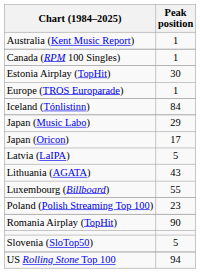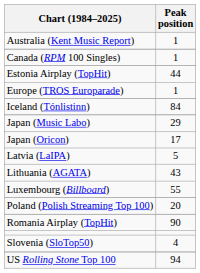 <table class="wikitable sortable">
 <tr>
 <th>Chart (1984–2025)</th>
 <th>Peak<br>position</th>
 </tr>
 <tr>
 <td>Australia (<a href='#'>Kent Music Report</a>)</td>
 <td style="text-align:center;">1</td>
 </tr>
 <tr>
 </tr>
 <tr>
 </tr>
 <tr>
 <td align="left">Canada (<a href='#'><em>RPM</em></a> 100 Singles)</td>
 <td style="text-align:center;">1</td>
 </tr>
 <tr>
 </tr>
 <tr>
 <td>Estonia Airplay (<a href='#'>TopHit</a>)</td>
-<td align="center">30</td>
+<td align="center">44</td>
 </tr>
 <tr>
 <td>Europe (<a href='#'>TROS Europarade</a>)</td>
 <td style="text-align:center;">1</td>
 </tr>
 <tr>
 </tr>
 <tr>
 </tr>
 <tr>
 </tr>
 <tr>
 </tr>
 <tr>
 <td>Iceland (<a href='#'>Tónlistinn</a>)</td>
 <td style="text-align:center;">84</td>
 </tr>
 <tr>
 </tr>
 <tr>
 <td>Japan (<a href='#'>Music Labo</a>)</td>
 <td style="text-align:center;">29</td>
 </tr>
 <tr>
 <td>Japan (<a href='#'>Oricon</a>)</td>
 <td style="text-align:center;">17</td>
 </tr>
 <tr>
 <td>Latvia (<a href='#'>LaIPA</a>)</td>
 <td align=center>5</td>
 </tr>
 <tr>
 <td>Lithuania (<a href='#'>AGATA</a>)</td>
 <td align=center>43</td>
 </tr>
 <tr>
 <td>Luxembourg (<em><a href='#'>Billboard</a></em>)</td>
 <td align=center>55</td>
 </tr>
 <tr>
 </tr>
 <tr>
 </tr>
 <tr>
 </tr>
 <tr>
 </tr>
 <tr>
 </tr>
 <tr>
 <td scope="row">Poland (<a href='#'>Polish Streaming Top 100</a>)</td>
-<td align=center>23</td>
+<td align=center>20</td>
 </tr>
 <tr>
 </tr>
 <tr>
 <td>Romania Airplay (<a href='#'>TopHit</a>)</td>
 <td align=center>90</td>
 </tr>
 <tr>
 <td></td>
 </tr>
 <tr>
 <td scope="row">Slovenia (<a href='#'>SloTop50</a>)</td>
-<td align=center>5</td>
+<td align=center>4</td>
 </tr>
 <tr>
 </tr>
 <tr>
 </tr>
 <tr>
 </tr>
 <tr>
 </tr>
 <tr>
 </tr>
 <tr>
 <td>US <a href='#'><em>Rolling Stone</em> Top 100</a></td>
 <td align=center>94</td>
 </tr>
 </table>
